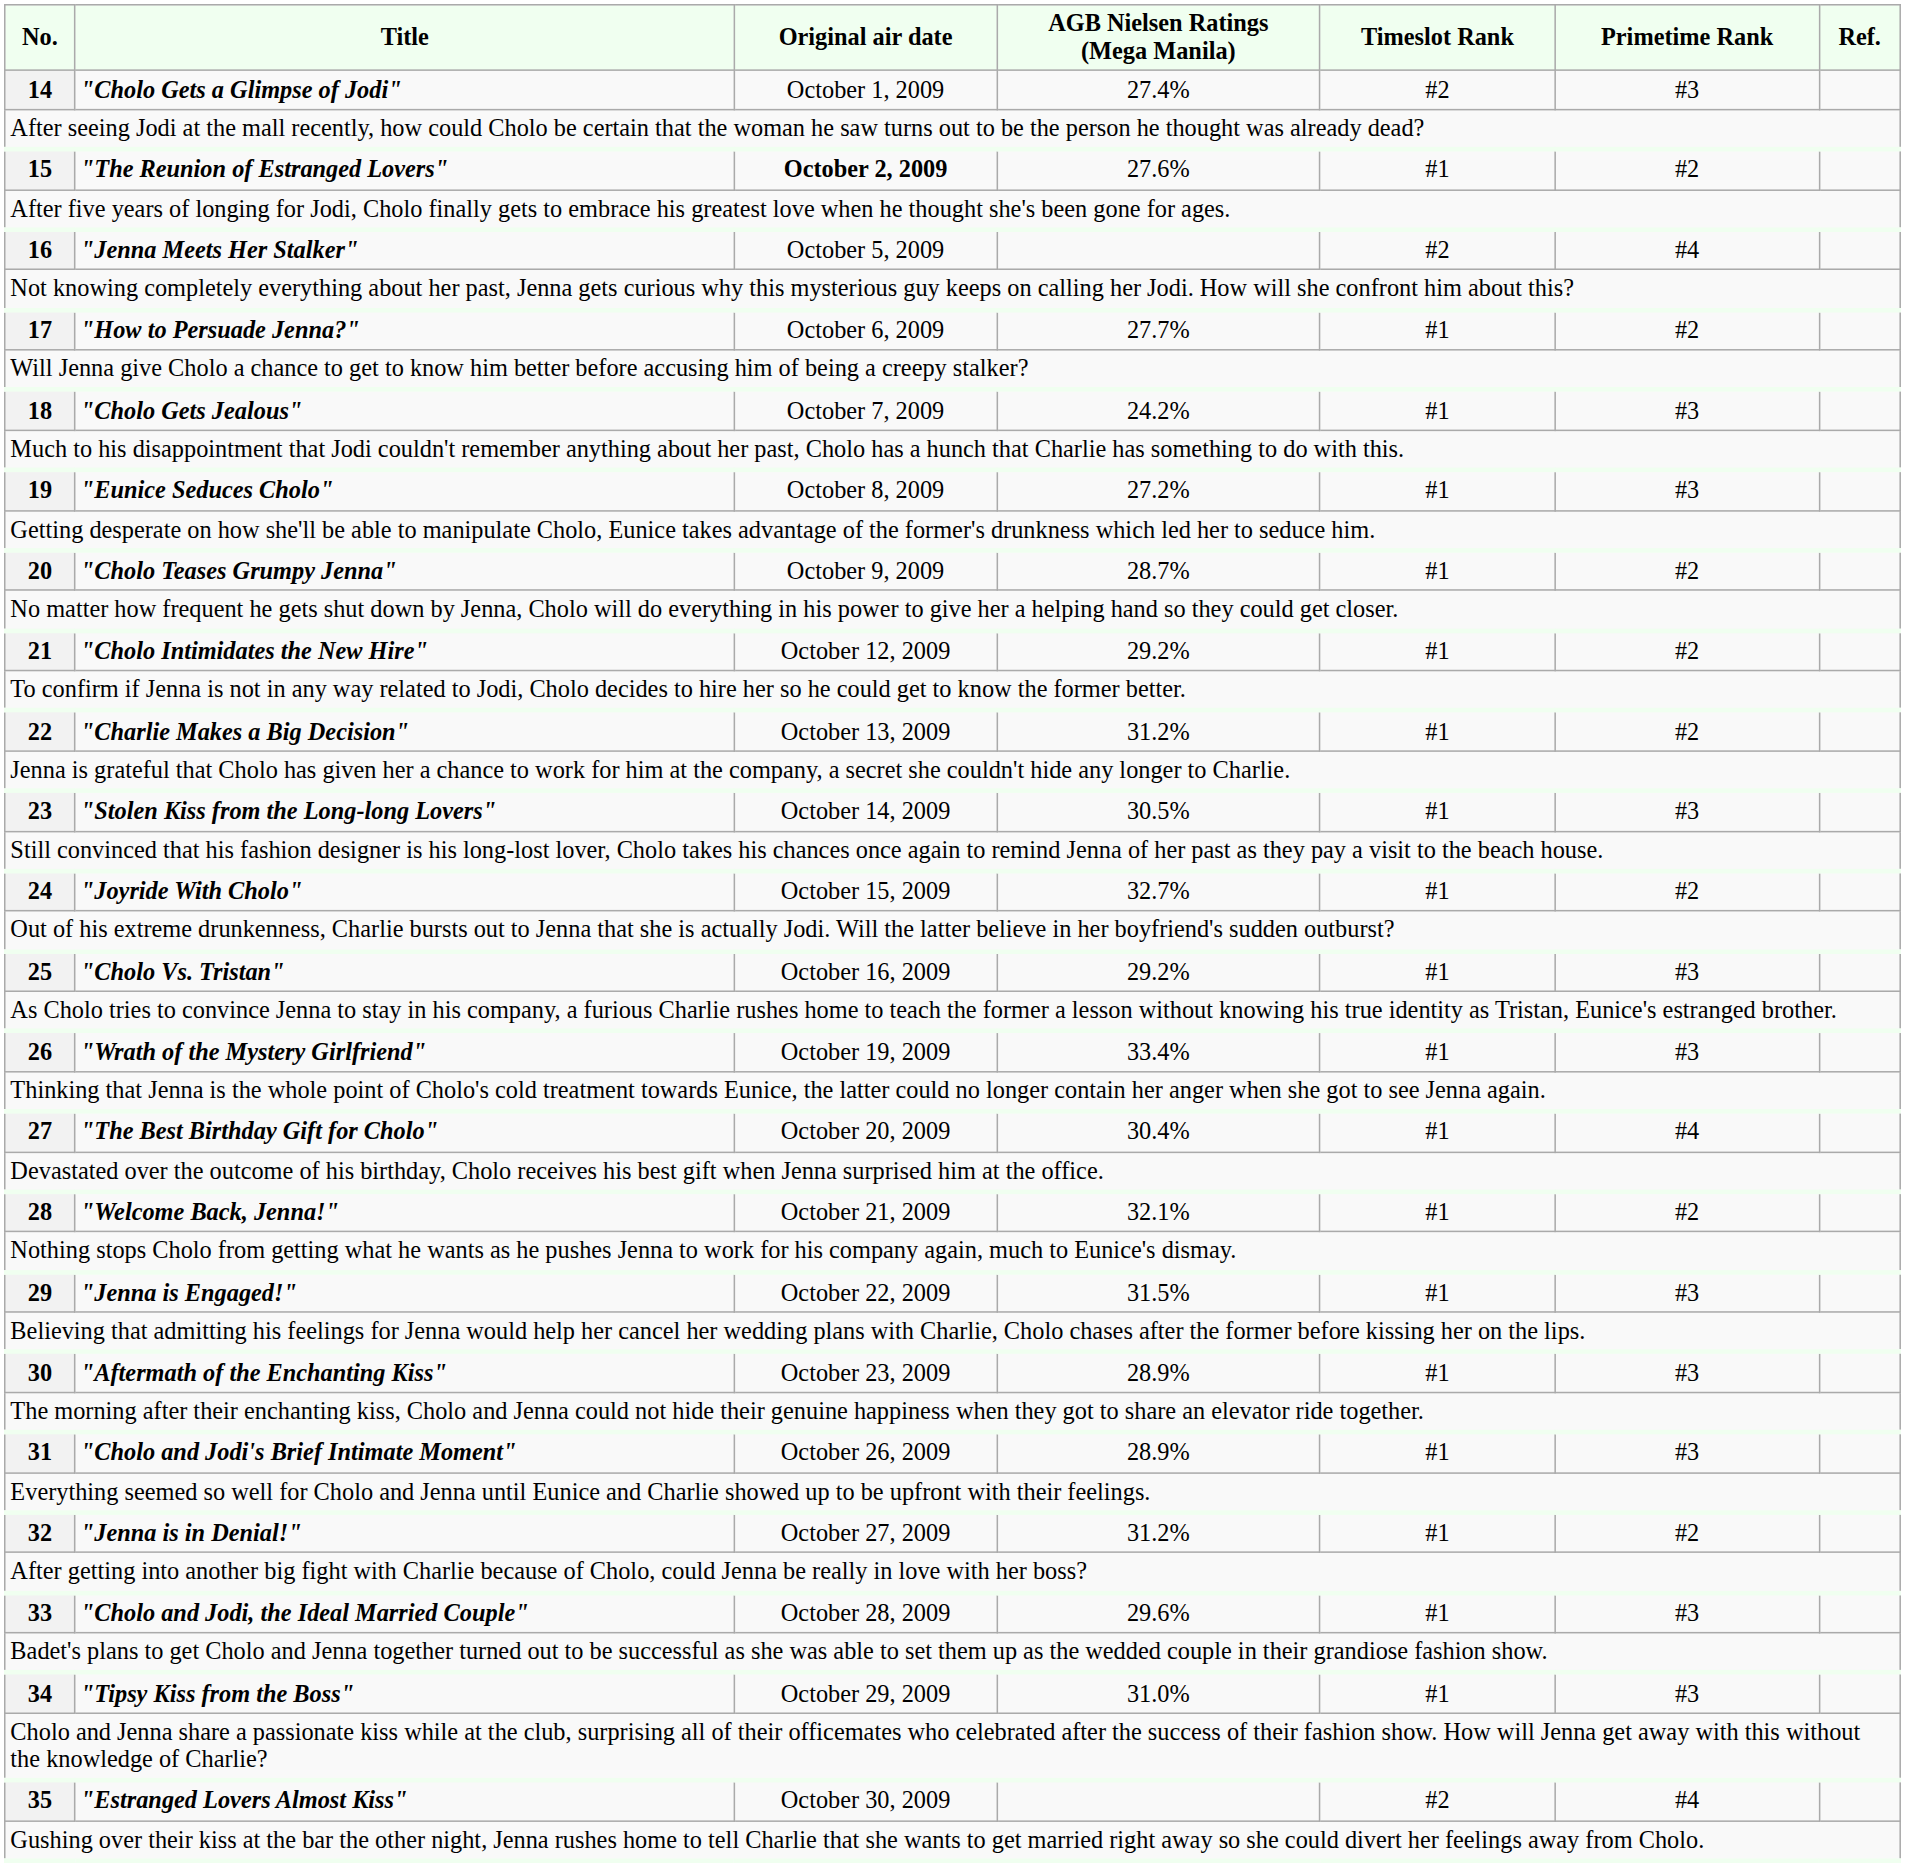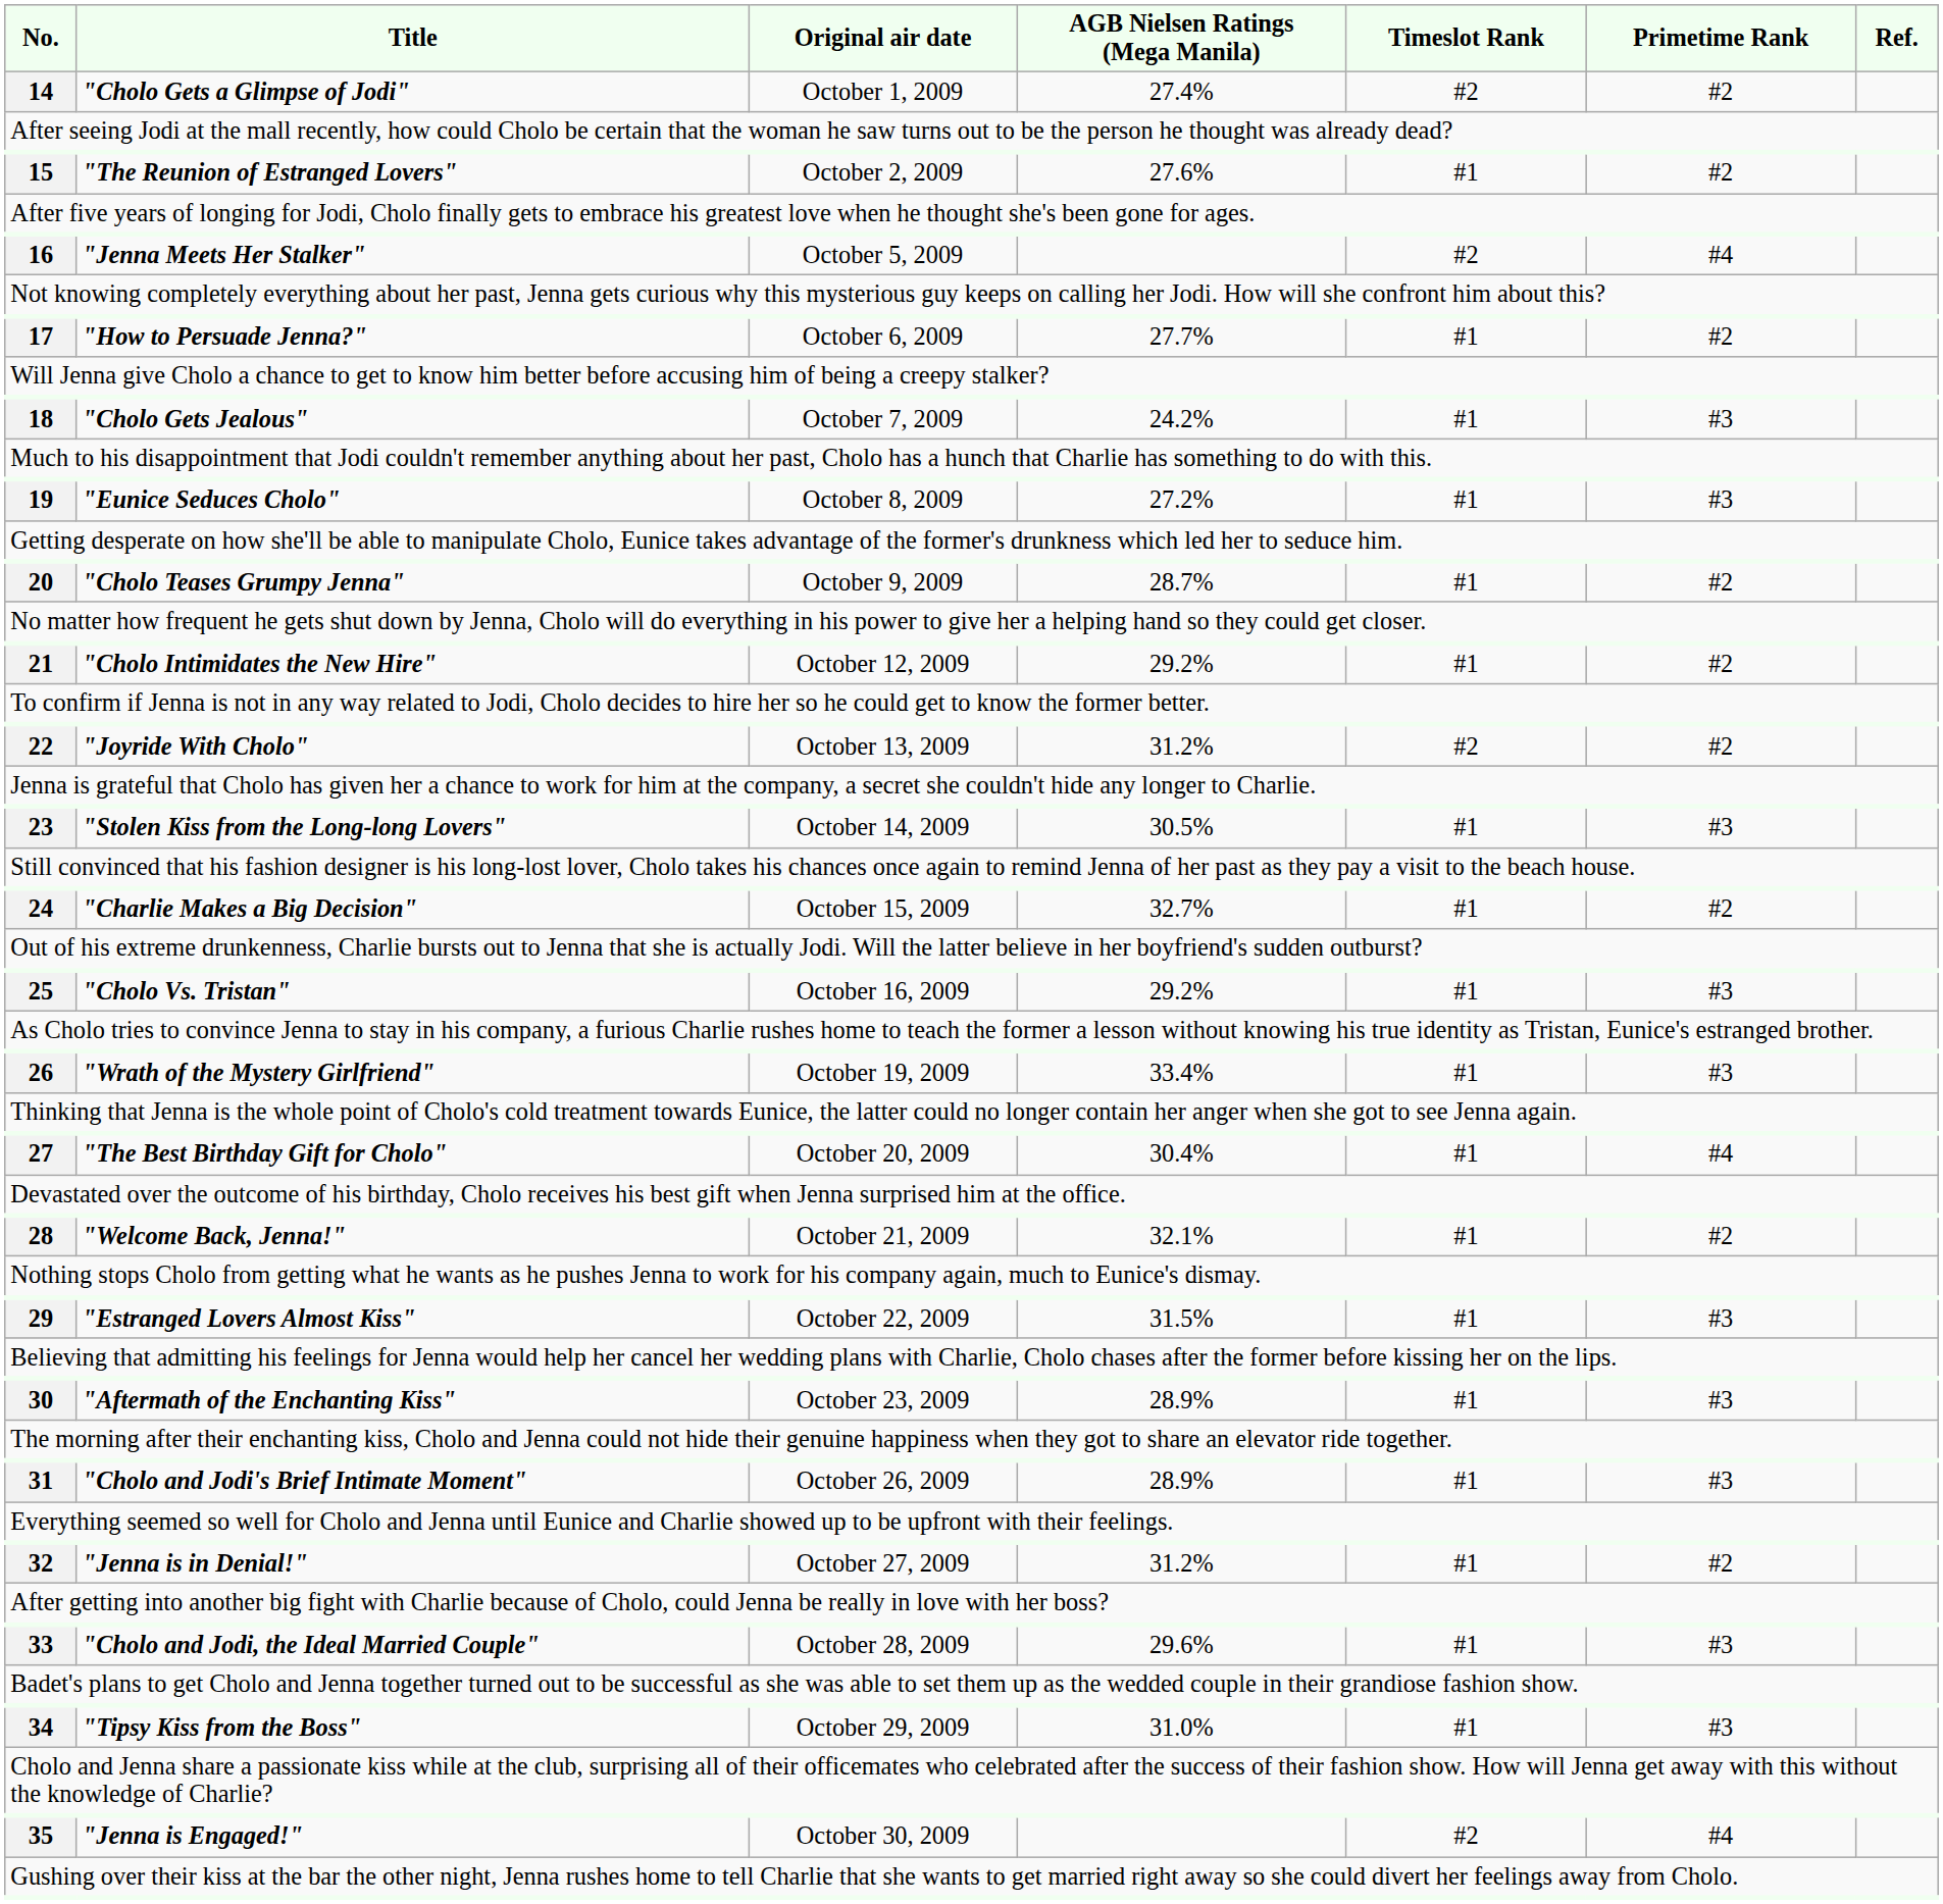 <table class="wikitable" style="text-align:center;">
 <tr>
 <th style="background:#F0FFF0; color:#000000">No.</th>
 <th style="background:#F0FFF0; color:#000000">Title</th>
 <th style="background:#F0FFF0; color:#000000">Original air date</th>
 <th style="background:#F0FFF0; color:#000000">AGB Nielsen Ratings<br>(Mega Manila)</th>
 <th style="background:#F0FFF0; color:#000000">Timeslot Rank</th>
 <th style="background:#F0FFF0; color:#000000">Primetime Rank</th>
 <th style="background:#F0FFF0; color:#000000">Ref.</th>
 </tr>
 <tr>
 <th>14</th>
 <td align="left"><strong><em>"Cholo Gets a Glimpse of Jodi"</em></strong></td>
 <td>October 1, 2009</td>
 <td>27.4%</td>
 <td>#2</td>
-<td>#3</td>
+<td>#2</td>
 <td></td>
 </tr>
 <tr>
 <td colspan = "7" style="text-align: left; border-bottom: 3px solid #F0FFF0;">After seeing Jodi at the mall recently, how could Cholo be certain that the woman he saw turns out to be the person he thought was already dead?</td>
 </tr>
 <tr>
 <th>15</th>
 <td align="left"><strong><em>"The Reunion of Estranged Lovers"</em></strong></td>
-<td><strong>October 2, 2009</strong></td>
+<td>October 2, 2009</td>
 <td>27.6%</td>
 <td>#1</td>
 <td>#2</td>
 <td></td>
 </tr>
 <tr>
 <td colspan = "7" style="text-align: left; border-bottom: 3px solid #F0FFF0;">After five years of longing for Jodi, Cholo finally gets to embrace his greatest love when he thought she's been gone for ages.</td>
 </tr>
 <tr>
 <th>16</th>
 <td align="left"><strong><em>"Jenna Meets Her Stalker"</em></strong></td>
 <td>October 5, 2009</td>
 <td></td>
 <td>#2</td>
 <td>#4</td>
 <td></td>
 </tr>
 <tr>
 <td colspan = "7" style="text-align: left; border-bottom: 3px solid #F0FFF0;">Not knowing completely everything about her past, Jenna gets curious why this mysterious guy keeps on calling her Jodi. How will she confront him about this?</td>
 </tr>
 <tr>
 <th>17</th>
 <td align="left"><strong><em>"How to Persuade Jenna?"</em></strong></td>
 <td>October 6, 2009</td>
 <td>27.7%</td>
 <td>#1</td>
 <td>#2</td>
 <td></td>
 </tr>
 <tr>
 <td colspan = "7" style="text-align: left; border-bottom: 3px solid #F0FFF0;">Will Jenna give Cholo a chance to get to know him better before accusing him of being a creepy stalker?</td>
 </tr>
 <tr>
 <th>18</th>
 <td align="left"><strong><em>"Cholo Gets Jealous"</em></strong></td>
 <td>October 7, 2009</td>
 <td>24.2%</td>
 <td>#1</td>
 <td>#3</td>
 <td></td>
 </tr>
 <tr>
 <td colspan = "7" style="text-align: left; border-bottom: 3px solid #F0FFF0;">Much to his disappointment that Jodi couldn't remember anything about her past, Cholo has a hunch that Charlie has something to do with this.</td>
 </tr>
 <tr>
 <th>19</th>
 <td align="left"><strong><em>"Eunice Seduces Cholo"</em></strong></td>
 <td>October 8, 2009</td>
 <td>27.2%</td>
 <td>#1</td>
 <td>#3</td>
 <td></td>
 </tr>
 <tr>
 <td colspan = "7" style="text-align: left; border-bottom: 3px solid #F0FFF0;">Getting desperate on how she'll be able to manipulate Cholo, Eunice takes advantage of the former's drunkness which led her to seduce him.</td>
 </tr>
 <tr>
 <th>20</th>
 <td align="left"><strong><em>"Cholo Teases Grumpy Jenna"</em></strong></td>
 <td>October 9, 2009</td>
 <td>28.7%</td>
 <td>#1</td>
 <td>#2</td>
 <td></td>
 </tr>
 <tr>
 <td colspan = "7" style="text-align: left; border-bottom: 3px solid #F0FFF0;">No matter how frequent he gets shut down by Jenna, Cholo will do everything in his power to give her a helping hand so they could get closer.</td>
 </tr>
 <tr>
 <th>21</th>
 <td align="left"><strong><em>"Cholo Intimidates the New Hire"</em></strong></td>
 <td>October 12, 2009</td>
 <td>29.2%</td>
 <td>#1</td>
 <td>#2</td>
 <td></td>
 </tr>
 <tr>
 <td colspan = "7" style="text-align: left; border-bottom: 3px solid #F0FFF0;">To confirm if Jenna is not in any way related to Jodi, Cholo decides to hire her so he could get to know the former better.</td>
 </tr>
 <tr>
 <th>22</th>
-<td align="left"><strong><em>"Charlie Makes a Big Decision"</em></strong></td>
+<td align="left"><strong><em>"Joyride With Cholo"</em></strong></td>
 <td>October 13, 2009</td>
 <td>31.2%</td>
-<td>#1</td>
+<td>#2</td>
 <td>#2</td>
 <td></td>
 </tr>
 <tr>
 <td colspan = "7" style="text-align: left; border-bottom: 3px solid #F0FFF0;">Jenna is grateful that Cholo has given her a chance to work for him at the company, a secret she couldn't hide any longer to Charlie.</td>
 </tr>
 <tr>
 <th>23</th>
 <td align="left"><strong><em>"Stolen Kiss from the Long-long Lovers"</em></strong></td>
 <td>October 14, 2009</td>
 <td>30.5%</td>
 <td>#1</td>
 <td>#3</td>
 <td></td>
 </tr>
 <tr>
 <td colspan = "7" style="text-align: left; border-bottom: 3px solid #F0FFF0;">Still convinced that his fashion designer is his long-lost lover, Cholo takes his chances once again to remind Jenna of her past as they pay a visit to the beach house.</td>
 </tr>
 <tr>
 <th>24</th>
-<td align="left"><strong><em>"Joyride With Cholo"</em></strong></td>
+<td align="left"><strong><em>"Charlie Makes a Big Decision"</em></strong></td>
 <td>October 15, 2009</td>
 <td>32.7%</td>
 <td>#1</td>
 <td>#2</td>
 <td></td>
 </tr>
 <tr>
 <td colspan = "7" style="text-align: left; border-bottom: 3px solid #F0FFF0;">Out of his extreme drunkenness, Charlie bursts out to Jenna that she is actually Jodi. Will the latter believe in her boyfriend's sudden outburst?</td>
 </tr>
 <tr>
 <th>25</th>
 <td align="left"><strong><em>"Cholo Vs. Tristan"</em></strong></td>
 <td>October 16, 2009</td>
 <td>29.2%</td>
 <td>#1</td>
 <td>#3</td>
 <td></td>
 </tr>
 <tr>
 <td colspan = "7" style="text-align: left; border-bottom: 3px solid #F0FFF0;">As Cholo tries to convince Jenna to stay in his company, a furious Charlie rushes home to teach the former a lesson without knowing his true identity as Tristan, Eunice's estranged brother.</td>
 </tr>
 <tr>
 <th>26</th>
 <td align="left"><strong><em>"Wrath of the Mystery Girlfriend"</em></strong></td>
 <td>October 19, 2009</td>
 <td>33.4%</td>
 <td>#1</td>
 <td>#3</td>
 <td></td>
 </tr>
 <tr>
 <td colspan = "7" style="text-align: left; border-bottom: 3px solid #F0FFF0;">Thinking that Jenna is the whole point of Cholo's cold treatment towards Eunice, the latter could no longer contain her anger when she got to see Jenna again.</td>
 </tr>
 <tr>
 <th>27</th>
 <td align="left"><strong><em>"The Best Birthday Gift for Cholo"</em></strong></td>
 <td>October 20, 2009</td>
 <td>30.4%</td>
 <td>#1</td>
 <td>#4</td>
 <td></td>
 </tr>
 <tr>
 <td colspan = "7" style="text-align: left; border-bottom: 3px solid #F0FFF0;">Devastated over the outcome of his birthday, Cholo receives his best gift when Jenna surprised him at the office.</td>
 </tr>
 <tr>
 <th>28</th>
 <td align="left"><strong><em>"Welcome Back, Jenna!"</em></strong></td>
 <td>October 21, 2009</td>
 <td>32.1%</td>
 <td>#1</td>
 <td>#2</td>
 <td></td>
 </tr>
 <tr>
 <td colspan = "7" style="text-align: left; border-bottom: 3px solid #F0FFF0;">Nothing stops Cholo from getting what he wants as he pushes Jenna to work for his company again, much to Eunice's dismay.</td>
 </tr>
 <tr>
 <th>29</th>
-<td align="left"><strong><em>"Jenna is Engaged!"</em></strong></td>
+<td align="left"><strong><em>"Estranged Lovers Almost Kiss"</em></strong></td>
 <td>October 22, 2009</td>
 <td>31.5%</td>
 <td>#1</td>
 <td>#3</td>
 <td></td>
 </tr>
 <tr>
 <td colspan = "7" style="text-align: left; border-bottom: 3px solid #F0FFF0;">Believing that admitting his feelings for Jenna would help her cancel her wedding plans with Charlie, Cholo chases after the former before kissing her on the lips.</td>
 </tr>
 <tr>
 <th>30</th>
 <td align="left"><strong><em>"Aftermath of the Enchanting Kiss"</em></strong></td>
 <td>October 23, 2009</td>
 <td>28.9%</td>
 <td>#1</td>
 <td>#3</td>
 <td></td>
 </tr>
 <tr>
 <td colspan = "7" style="text-align: left; border-bottom: 3px solid #F0FFF0;">The morning after their enchanting kiss, Cholo and Jenna could not hide their genuine happiness when they got to share an elevator ride together.</td>
 </tr>
 <tr>
 <th>31</th>
 <td align="left"><strong><em>"Cholo and Jodi's Brief Intimate Moment"</em></strong></td>
 <td>October 26, 2009</td>
 <td>28.9%</td>
 <td>#1</td>
 <td>#3</td>
 <td></td>
 </tr>
 <tr>
 <td colspan = "7" style="text-align: left; border-bottom: 3px solid #F0FFF0;">Everything seemed so well for Cholo and Jenna until Eunice and Charlie showed up to be upfront with their feelings.</td>
 </tr>
 <tr>
 <th>32</th>
 <td align="left"><strong><em>"Jenna is in Denial!"</em></strong></td>
 <td>October 27, 2009</td>
 <td>31.2%</td>
 <td>#1</td>
 <td>#2</td>
 <td></td>
 </tr>
 <tr>
 <td colspan = "7" style="text-align: left; border-bottom: 3px solid #F0FFF0;">After getting into another big fight with Charlie because of Cholo, could Jenna be really in love with her boss?</td>
 </tr>
 <tr>
 <th>33</th>
 <td align="left"><strong><em>"Cholo and Jodi, the Ideal Married Couple"</em></strong></td>
 <td>October 28, 2009</td>
 <td>29.6%</td>
 <td>#1</td>
 <td>#3</td>
 <td></td>
 </tr>
 <tr>
 <td colspan = "7" style="text-align: left; border-bottom: 3px solid #F0FFF0;">Badet's plans to get Cholo and Jenna together turned out to be successful as she was able to set them up as the wedded couple in their grandiose fashion show.</td>
 </tr>
 <tr>
 <th>34</th>
 <td align="left"><strong><em>"Tipsy Kiss from the Boss"</em></strong></td>
 <td>October 29, 2009</td>
 <td>31.0%</td>
 <td>#1</td>
 <td>#3</td>
 <td></td>
 </tr>
 <tr>
 <td colspan = "7" style="text-align: left; border-bottom: 3px solid #F0FFF0;">Cholo and Jenna share a passionate kiss while at the club, surprising all of their officemates who celebrated after the success of their fashion show. How will Jenna get away with this without the knowledge of Charlie?</td>
 </tr>
 <tr>
 <th>35</th>
-<td align="left"><strong><em>"Estranged Lovers Almost Kiss"</em></strong></td>
+<td align="left"><strong><em>"Jenna is Engaged!"</em></strong></td>
 <td>October 30, 2009</td>
 <td></td>
 <td>#2</td>
 <td>#4</td>
 <td></td>
 </tr>
 <tr>
 <td colspan = "7" style="text-align: left; border-bottom: 3px solid #F0FFF0;">Gushing over their kiss at the bar the other night, Jenna rushes home to tell Charlie that she wants to get married right away so she could divert her feelings away from Cholo.</td>
 </tr>
 </table>
